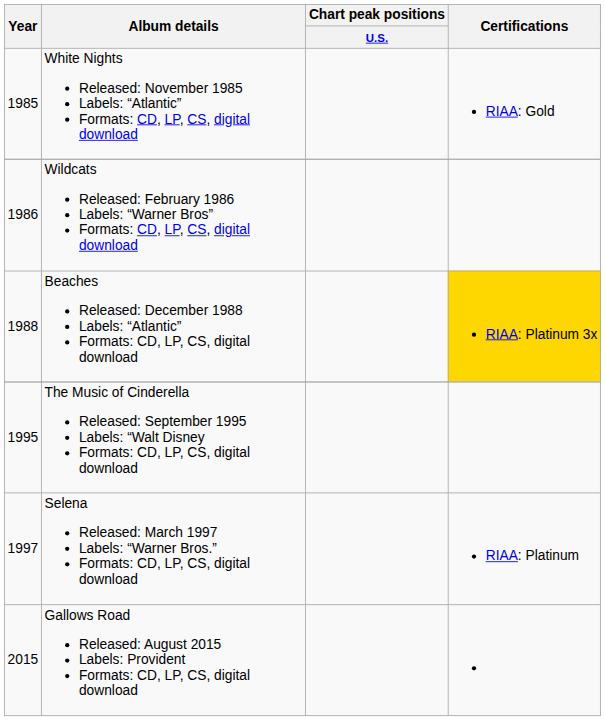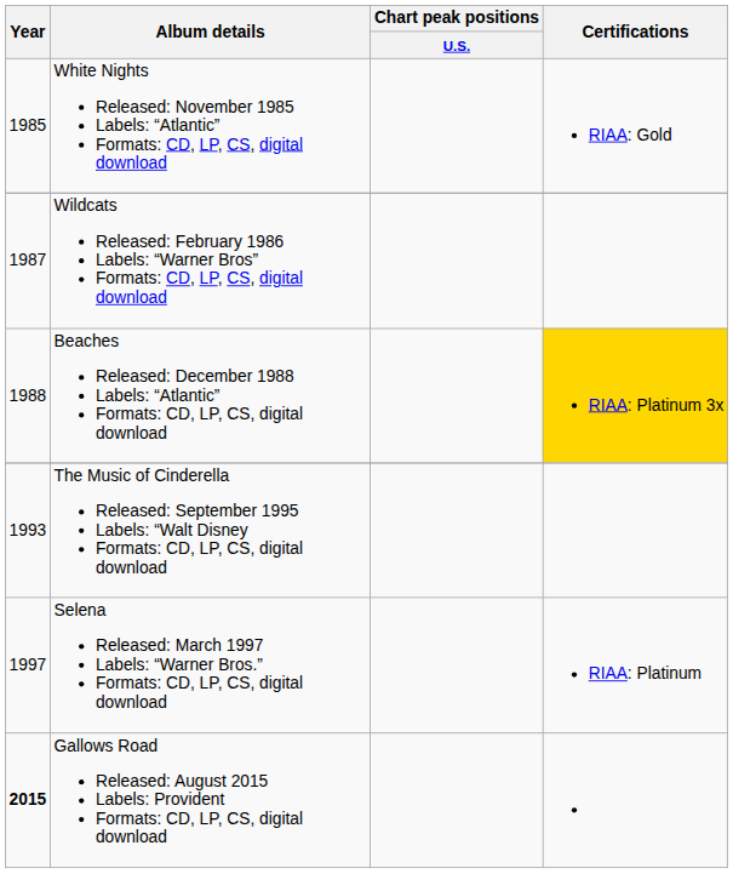 <table class="wikitable" border="1">
 <tr>
 <th rowspan="2">Year</th>
 <th rowspan="2" width="300">Album details</th>
 <th>Chart peak positions</th>
 <th rowspan="2">Certifications</th>
 </tr>
 <tr>
 <th><small><a href='#'>U.S.</a></small></th>
 </tr>
 <tr>
 <td>1985</td>
 <td>White Nights<br><ul><li>Released: November 1985</li><li>Labels: “Atlantic”</li><li>Formats: <a href='#'>CD</a>, <a href='#'>LP</a>, <a href='#'>CS</a>, <a href='#'>digital download</a></li></ul></td>
 <td align="center"></td>
 <td><br><ul><li><a href='#'>RIAA</a>: Gold</li></ul></td>
 </tr>
 <tr>
 </tr>
 <tr>
-<td>1986</td>
+<td>1987</td>
 <td>Wildcats<br><ul><li>Released: February 1986</li><li>Labels: “Warner Bros”</li><li>Formats: <a href='#'>CD</a>, <a href='#'>LP</a>, <a href='#'>CS</a>, <a href='#'>digital download</a></li></ul></td>
 <td align="center"></td>
 <td></td>
 </tr>
 <tr>
 <td>1988</td>
 <td>Beaches<br><ul><li>Released: December 1988</li><li>Labels: “Atlantic”</li><li>Formats: CD, LP, CS, digital download</li></ul></td>
 <td align="center"></td>
 <td style="background: gold;"><br><ul><li><a href='#'>RIAA</a>: Platinum 3x</li></ul></td>
 </tr>
 <tr>
 </tr>
 <tr>
-<td>1995</td>
+<td>1993</td>
 <td>The Music of Cinderella<br><ul><li>Released: September 1995</li><li>Labels: “Walt Disney</li><li>Formats: CD, LP, CS, digital download</li></ul></td>
 <td align="center"></td>
 <td></td>
 </tr>
 <tr>
 <td>1997</td>
 <td>Selena<br><ul><li>Released: March 1997</li><li>Labels: “Warner Bros.”</li><li>Formats: CD, LP, CS, digital download</li></ul></td>
 <td align="center"></td>
 <td><br><ul><li><a href='#'>RIAA</a>: Platinum</li></ul></td>
 </tr>
 <tr>
-<td>2015</td>
+<td><strong>2015</strong></td>
 <td>Gallows Road<br><ul><li>Released: August 2015</li><li>Labels: Provident</li><li>Formats: CD, LP, CS, digital download</li></ul></td>
 <td align="center"></td>
 <td><br><ul><li></li></ul></td>
 </tr>
 </table>
